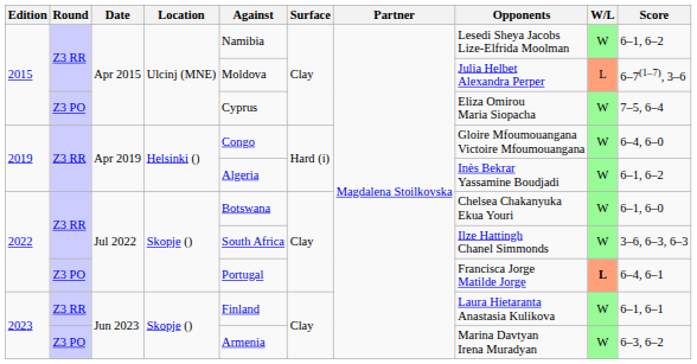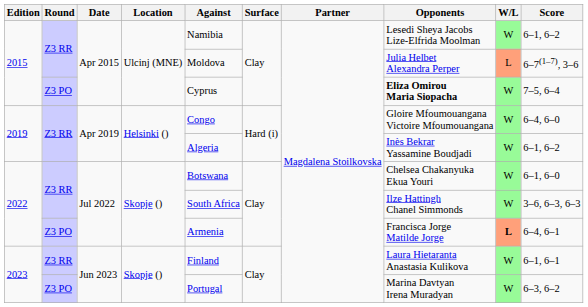 <table class=wikitable>
 <tr>
 <th>Edition</th>
 <th>Round</th>
 <th>Date</th>
 <th>Location</th>
 <th>Against</th>
 <th>Surface</th>
 <th>Partner</th>
 <th>Opponents</th>
 <th>W/L</th>
 <th>Score</th>
 </tr>
 <tr>
 <td rowspan="3"><a href='#'>2015</a></td>
 <td bgcolor=#ccf rowspan="2"><a href='#'>Z3 RR</a></td>
 <td rowspan="3">Apr 2015</td>
 <td rowspan="3">Ulcinj (MNE)</td>
 <td> Namibia</td>
 <td rowspan="3">Clay</td>
 <td rowspan="10"><a href='#'>Magdalena Stoilkovska</a></td>
 <td>Lesedi Sheya Jacobs <br> Lize-Elfrida Moolman</td>
 <td style="text-align:center; background:#98fb98;">W</td>
 <td>6–1, 6–2</td>
 </tr>
 <tr>
 <td> Moldova</td>
 <td><a href='#'>Julia Helbet</a> <br> <a href='#'>Alexandra Perper</a></td>
 <td style="text-align:center; background:#ffa07a;">L</td>
 <td>6–7<sup>(1–7)</sup>, 3–6</td>
 </tr>
 <tr>
 <td bgcolor=#ccf><a href='#'>Z3 PO</a></td>
 <td> Cyprus</td>
-<td>Eliza Omirou <br> Maria Siopacha</td>
+<td><strong>Eliza Omirou <br> Maria Siopacha</strong></td>
 <td style="text-align:center; background:#98fb98;">W</td>
 <td>7–5, 6–4</td>
 </tr>
 <tr>
 <td rowspan="2"><a href='#'>2019</a></td>
 <td bgcolor=#ccf rowspan="2"><a href='#'>Z3 RR</a></td>
 <td rowspan="2">Apr 2019</td>
 <td rowspan="2"><a href='#'>Helsinki</a> ()</td>
 <td> <a href='#'>Congo</a></td>
 <td rowspan="2">Hard (i)</td>
 <td>Gloire Mfoumouangana <br> Victoire Mfoumouangana</td>
 <td style="text-align:center; background:#98fb98;">W</td>
 <td>6–4, 6–0</td>
 </tr>
 <tr>
 <td> <a href='#'>Algeria</a></td>
 <td><a href='#'>Inès Bekrar</a> <br> Yassamine Boudjadi</td>
 <td style="text-align:center; background:#98fb98;">W</td>
 <td>6–1, 6–2</td>
 </tr>
 <tr>
 <td rowspan="3"><a href='#'>2022</a></td>
 <td bgcolor=#ccf rowspan=2><a href='#'>Z3 RR</a></td>
 <td rowspan="3">Jul 2022</td>
 <td rowspan="3"><a href='#'>Skopje</a> ()</td>
 <td> <a href='#'>Botswana</a></td>
 <td rowspan="3">Clay</td>
 <td>Chelsea Chakanyuka <br>  Ekua Youri</td>
 <td style="text-align:center; background:#98fb98;">W</td>
 <td>6–1, 6–0</td>
 </tr>
 <tr>
 <td> <a href='#'>South Africa</a></td>
 <td><a href='#'>Ilze Hattingh</a> <br> Chanel Simmonds</td>
 <td style="text-align:center; background:#98fb98;">W</td>
 <td>3–6, 6–3, 6–3</td>
 </tr>
 <tr>
 <td bgcolor=#ccf><a href='#'>Z3 PO</a></td>
-<td> <a href='#'>Portugal</a></td>
+<td> <a href='#'>Armenia</a></td>
 <td>Francisca Jorge <br> <a href='#'>Matilde Jorge</a></td>
 <td style="text-align:center; background:#ffa07a;"><strong>L</strong></td>
 <td>6–4, 6–1</td>
 </tr>
 <tr>
 <td rowspan="2"><a href='#'>2023</a></td>
 <td bgcolor=#ccf><a href='#'>Z3 RR</a></td>
 <td rowspan="2">Jun 2023</td>
 <td rowspan="2"><a href='#'>Skopje</a> ()</td>
 <td> <a href='#'>Finland</a></td>
 <td rowspan="2">Clay</td>
 <td><a href='#'>Laura Hietaranta</a> <br> Anastasia Kulikova</td>
 <td style="text-align:center; background:#98fb98;">W</td>
 <td>6–1, 6–1</td>
 </tr>
 <tr>
 <td bgcolor=#ccf><a href='#'>Z3 PO</a></td>
-<td> <a href='#'>Armenia</a></td>
+<td> <a href='#'>Portugal</a></td>
 <td>Marina Davtyan <br> Irena Muradyan</td>
 <td style="text-align:center; background:#98fb98;">W</td>
 <td>6–3, 6–2</td>
 </tr>
 </table>
